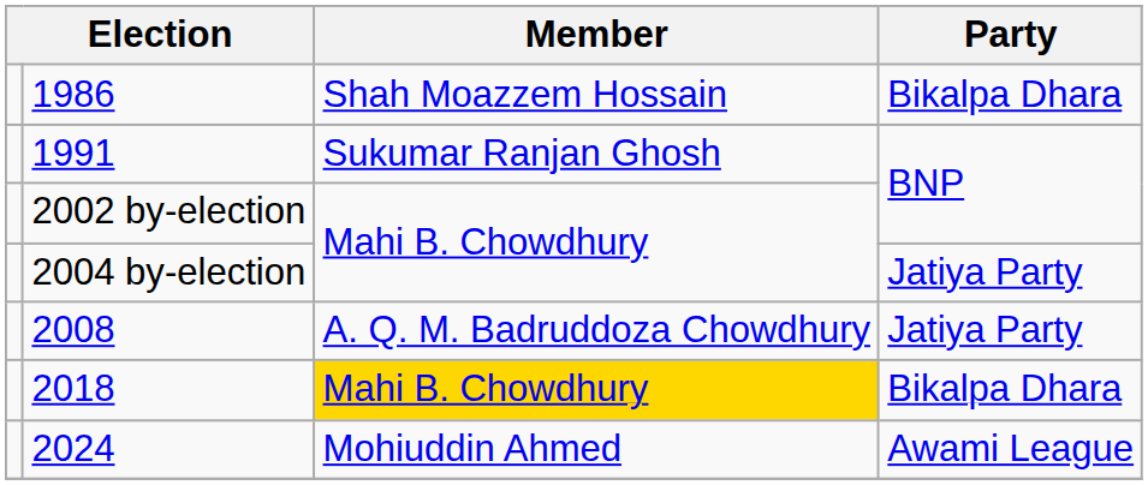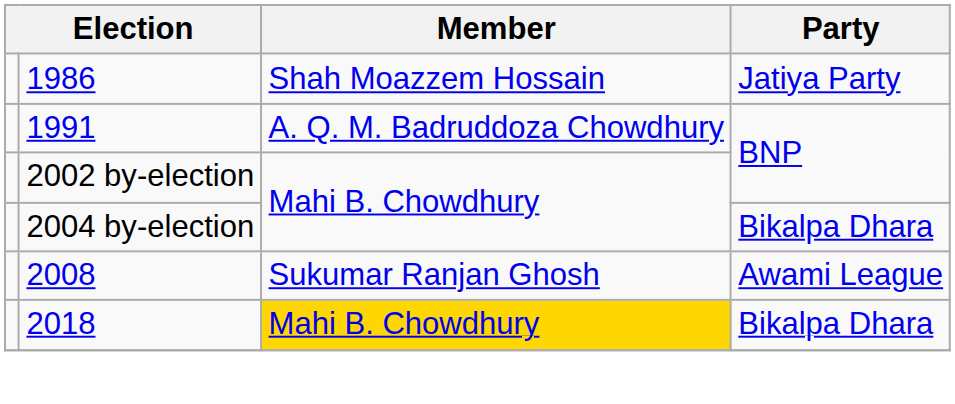 <table class="wikitable">
 <tr>
 <th colspan="2">Election</th>
 <th>Member</th>
 <th>Party</th>
 </tr>
 <tr>
 <td style="background-color:"></td>
 <td><a href='#'>1986</a></td>
 <td><a href='#'>Shah Moazzem Hossain</a></td>
-<td><a href='#'>Bikalpa Dhara</a></td>
+<td><a href='#'>Jatiya Party</a></td>
 </tr>
 <tr>
 <td style="background-color:"></td>
 <td><a href='#'>1991</a></td>
-<td><a href='#'>Sukumar Ranjan Ghosh</a></td>
+<td><a href='#'>A. Q. M. Badruddoza Chowdhury</a></td>
 <td rowspan="2"><a href='#'>BNP</a></td>
 </tr>
 <tr>
 <td style="background-color:"></td>
 <td>2002 by-election</td>
 <td rowspan="2"><a href='#'>Mahi B. Chowdhury</a></td>
 </tr>
 <tr>
 <td style="background-color:"></td>
 <td>2004 by-election</td>
-<td><a href='#'>Jatiya Party</a></td>
+<td><a href='#'>Bikalpa Dhara</a></td>
 </tr>
 <tr>
 <td style="background-color:"></td>
 <td><a href='#'>2008</a></td>
-<td><a href='#'>A. Q. M. Badruddoza Chowdhury</a></td>
-<td><a href='#'>Jatiya Party</a></td>
+<td><a href='#'>Sukumar Ranjan Ghosh</a></td>
+<td><a href='#'>Awami League</a></td>
 </tr>
 <tr>
 <td style="background-color:"></td>
 <td><a href='#'>2018</a></td>
 <td style="background: gold;"><a href='#'>Mahi B. Chowdhury</a></td>
 <td><a href='#'>Bikalpa Dhara</a></td>
 </tr>
 <tr>
-<td style="background-color:"></td>
-<td><a href='#'>2024</a></td>
-<td><a href='#'>Mohiuddin Ahmed</a></td>
-<td><a href='#'>Awami League</a></td>
-</tr>
-<tr>
 </tr>
 </table>
